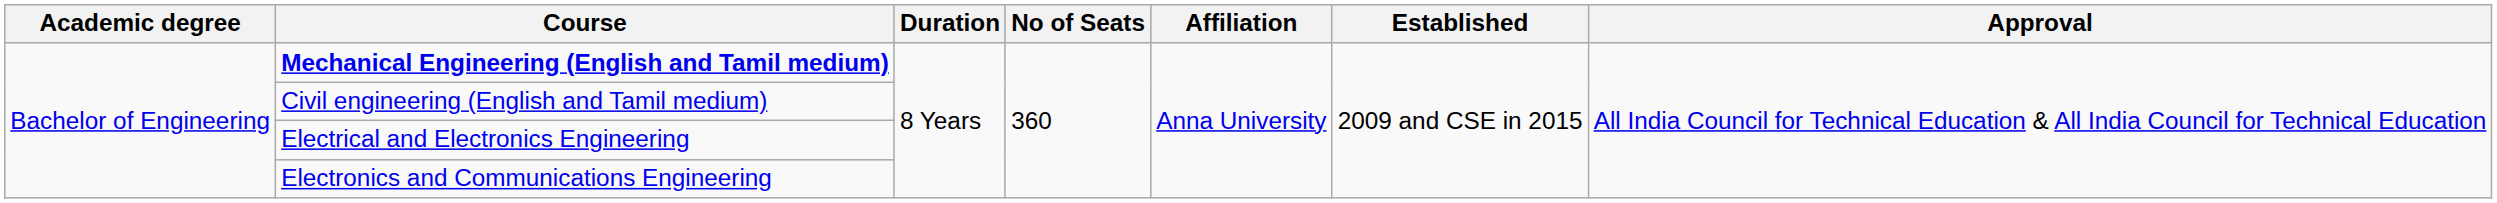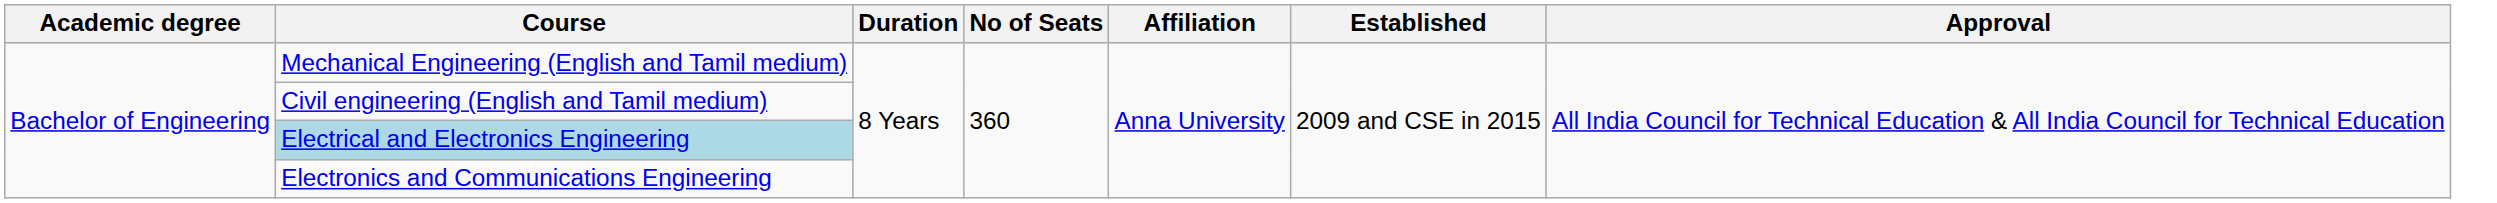 <table class="wikitable sortable">
 <tr align="text-align:center;">
 <th scope="col">Academic degree</th>
 <th scope="col">Course</th>
 <th scope="col">Duration</th>
 <th scope="col">No of Seats</th>
 <th scope="col">Affiliation</th>
 <th scope="col">Established</th>
 <th scope="col">Approval</th>
 </tr>
 <tr>
 <td rowspan=4><a href='#'>Bachelor of Engineering</a></td>
-<td><strong><a href='#'>Mechanical Engineering (English and Tamil medium)</a></strong></td>
+<td><a href='#'>Mechanical Engineering (English and Tamil medium)</a></td>
 <td rowspan=4>8 Years</td>
 <td rowspan=4>360</td>
 <td rowspan=4><a href='#'>Anna University</a></td>
 <td rowspan=4>2009 and CSE in 2015</td>
 <td rowspan=4><a href='#'>All India Council for Technical Education</a> & <a href='#'>All India Council for Technical Education</a></td>
 </tr>
 <tr>
 <td><a href='#'>Civil engineering (English and Tamil medium)</a></td>
 </tr>
 <tr>
-<td><a href='#'>Electrical and Electronics Engineering</a></td>
+<td style="background: lightblue;"><a href='#'>Electrical and Electronics Engineering</a></td>
 </tr>
 <tr>
 <td><a href='#'>Electronics and Communications Engineering</a></td>
 </tr>
 </table>
